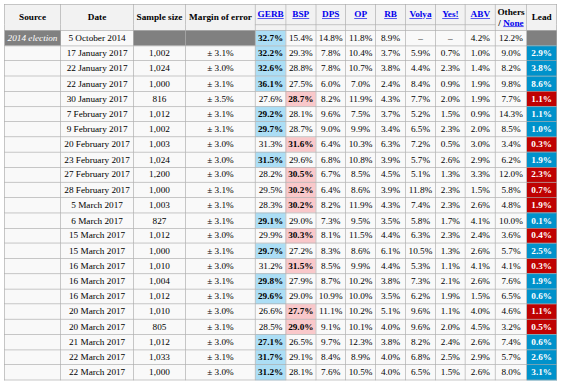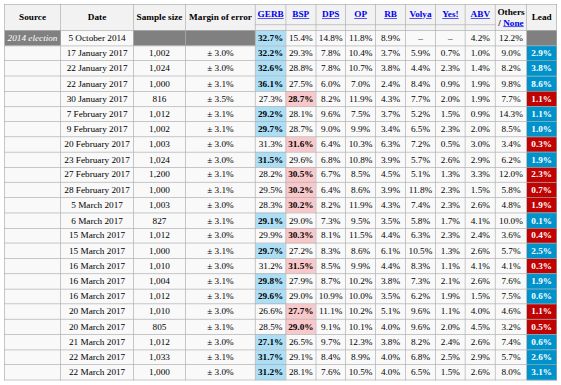 <table class="wikitable sortable" style="text-align:center; font-size:90%; min-width:60em">
 <tr>
 <th rowspan="2">Source</th>
 <th rowspan="2">Date</th>
 <th rowspan="2">Sample size</th>
 <th rowspan="2">Margin of error</th>
 <th style="width:40px"><a href='#'>GERB</a></th>
 <th style="width:40px"><a href='#'>BSP</a></th>
 <th style="width:40px"><a href='#'>DPS</a></th>
 <th style="width:40px"><a href='#'>OP</a></th>
 <th style="width:40px"><a href='#'>RB</a></th>
 <th style="width:40px"><a href='#'>Volya</a></th>
 <th style="width:40px"><a href='#'>Yes!</a></th>
 <th style="width:40px"><a href='#'>ABV</a></th>
 <th style="width:40px"; rowspan="2">Others / <a href='#'>None</a></th>
 <th style="width:40px"; rowspan="2">Lead</th>
 </tr>
 <tr>
 <th style="color:inherit;background:"></th>
 <th style="color:inherit;background:"></th>
 <th style="color:inherit;background:"></th>
 <th style="color:inherit;background:"></th>
 <th style="color:inherit;background:"></th>
 <th style="color:inherit;background:"></th>
 <th style="color:inherit;background:"></th>
 <th style="color:inherit;background:"></th>
 </tr>
 <tr>
 <td style="background: gray; color: white;"><em>2014 election</em></td>
 <td>5 October 2014</td>
 <td style="background: gray; color: white;"></td>
 <td style="background: gray; color: white;"></td>
 <td style="background: #ACDEF5"><strong>32.7%</strong></td>
 <td>15.4%</td>
 <td>14.8%</td>
 <td>11.8%</td>
 <td>8.9%</td>
 <td>–</td>
 <td>–</td>
 <td>4.2%</td>
 <td>12.2%</td>
 <td style="background: gray; color: white;"></td>
 </tr>
 <tr>
 <td></td>
 <td>17 January 2017</td>
 <td>1,002</td>
-<td>± 3.1%</td>
+<td>± 3.0%</td>
 <td style="background: #ACDEF5"><strong>32.2%</strong></td>
 <td>29.3%</td>
 <td>7.8%</td>
 <td>10.4%</td>
 <td>3.7%</td>
 <td>5.9%</td>
 <td>0.7%</td>
 <td>1.0%</td>
 <td>9.0%</td>
 <td style="background: #0092CB; color: white;"><strong>2.9%</strong></td>
 </tr>
 <tr>
 <td></td>
 <td>22 January 2017</td>
 <td>1,024</td>
 <td>± 3.0%</td>
 <td style="background: #ACDEF5;"><strong>32.6%</strong></td>
 <td>28.8%</td>
 <td>7.8%</td>
 <td>10.7%</td>
 <td>3.8%</td>
 <td>4.4%</td>
 <td>2.3%</td>
 <td>1.4%</td>
 <td>8.2%</td>
 <td style="background: #0092CB; color: white;"><strong>3.8%</strong></td>
 </tr>
 <tr>
 <td></td>
 <td>22 January 2017</td>
 <td>1,000</td>
 <td>± 3.1%</td>
 <td style="background: #ACDEF5;"><strong>36.1%</strong></td>
 <td>27.5%</td>
 <td>6.0%</td>
 <td>7.0%</td>
 <td>2.4%</td>
 <td>8.4%</td>
 <td>0.9%</td>
 <td>1.9%</td>
 <td>9.8%</td>
 <td style="background: #0092CB; color: white;"><strong>8.6%</strong></td>
 </tr>
 <tr>
 <td></td>
 <td>30 January 2017</td>
 <td>816</td>
 <td>± 3.5%</td>
-<td>27.6%</td>
+<td>27.3%</td>
 <td style="background: #F9C8CA"><strong>28.7%</strong></td>
 <td>8.2%</td>
 <td>11.9%</td>
 <td>4.3%</td>
 <td>7.7%</td>
 <td>2.0%</td>
 <td>1.9%</td>
 <td>7.7%</td>
 <td style="background: #BF0202; color: white;"><strong>1.1%</strong></td>
 </tr>
 <tr>
 <td></td>
 <td>7 February 2017</td>
 <td>1,012</td>
 <td>± 3.1%</td>
 <td style="background: #ACDEF5;"><strong>29.2%</strong></td>
 <td>28.1%</td>
 <td>9.6%</td>
 <td>7.5%</td>
 <td>3.7%</td>
 <td>5.2%</td>
 <td>1.5%</td>
 <td>0.9%</td>
 <td>14.3%</td>
 <td style="background: #0092CB; color: white;"><strong>1.1%</strong></td>
 </tr>
 <tr>
 <td></td>
 <td>9 February 2017</td>
 <td>1,002</td>
 <td>± 3.1%</td>
 <td style="background: #ACDEF5;"><strong>29.7%</strong></td>
 <td>28.7%</td>
 <td>9.0%</td>
 <td>9.9%</td>
 <td>3.4%</td>
 <td>6.5%</td>
 <td>2.3%</td>
 <td>2.0%</td>
 <td>8.5%</td>
 <td style="background: #0092CB; color: white;"><strong>1.0%</strong></td>
 </tr>
 <tr>
 <td></td>
 <td>20 February 2017</td>
 <td>1,003</td>
 <td>± 3.0%</td>
 <td>31.3%</td>
 <td style="background: #F9C8CA"><strong>31.6%</strong></td>
 <td>6.4%</td>
 <td>10.3%</td>
 <td>6.3%</td>
 <td>7.2%</td>
 <td>0.5%</td>
 <td>3.0%</td>
 <td>3.4%</td>
 <td style="background: #BF0202; color: white;"><strong>0.3%</strong></td>
 </tr>
 <tr>
 <td></td>
 <td>23 February 2017</td>
 <td>1,024</td>
 <td>± 3.0%</td>
 <td style="background: #ACDEF5;"><strong>31.5%</strong></td>
 <td>29.6%</td>
 <td>6.8%</td>
 <td>10.8%</td>
 <td>3.9%</td>
 <td>5.7%</td>
 <td>2.6%</td>
 <td>2.9%</td>
 <td>6.2%</td>
 <td style="background: #0092CB; color: white;"><strong>1.9%</strong></td>
 </tr>
 <tr>
 <td></td>
 <td>27 February 2017</td>
 <td>1,200</td>
-<td>± 3.0%</td>
+<td>± 3.1%</td>
 <td>28.2%</td>
 <td style="background: #F9C8CA"><strong>30.5%</strong></td>
 <td>6.7%</td>
 <td>8.5%</td>
 <td>4.5%</td>
 <td>5.1%</td>
 <td>1.3%</td>
 <td>3.3%</td>
 <td>12.0%</td>
 <td style="background: #BF0202; color: white;"><strong>2.3%</strong></td>
 </tr>
 <tr>
 <td></td>
 <td>28 February 2017</td>
 <td>1,000</td>
 <td>± 3.1%</td>
 <td>29.5%</td>
 <td style="background: #F9C8CA"><strong>30.2%</strong></td>
 <td>6.4%</td>
 <td>8.6%</td>
 <td>3.9%</td>
 <td>11.8%</td>
 <td>2.3%</td>
 <td>1.5%</td>
 <td>5.8%</td>
 <td style="background: #BF0202; color: white;"><strong>0.7%</strong></td>
 </tr>
 <tr>
 <td></td>
 <td>5 March 2017</td>
 <td>1,003</td>
-<td>± 3.1%</td>
+<td>± 3.0%</td>
 <td>28.3%</td>
 <td style="background: #F9C8CA"><strong>30.2%</strong></td>
 <td>8.2%</td>
 <td>11.9%</td>
 <td>4.3%</td>
 <td>7.4%</td>
 <td>2.3%</td>
 <td>2.6%</td>
 <td>4.8%</td>
 <td style="background: #BF0202; color: white;"><strong>1.9%</strong></td>
 </tr>
 <tr>
 <td></td>
 <td>6 March 2017</td>
 <td>827</td>
 <td>± 3.1%</td>
 <td style="background: #ACDEF5;"><strong>29.1%</strong></td>
 <td>29.0%</td>
 <td>7.3%</td>
 <td>9.5%</td>
 <td>3.5%</td>
 <td>5.8%</td>
 <td>1.7%</td>
 <td>4.1%</td>
 <td>10.0%</td>
 <td style="background: #0092CB; color: white;"><strong>0.1%</strong></td>
 </tr>
 <tr>
 <td></td>
 <td>15 March 2017</td>
 <td>1,012</td>
 <td>± 3.0%</td>
 <td>29.9%</td>
 <td style="background: #F9C8CA"><strong>30.3%</strong></td>
 <td>8.1%</td>
 <td>11.5%</td>
 <td>4.4%</td>
 <td>6.3%</td>
 <td>2.3%</td>
 <td>2.4%</td>
 <td>3.6%</td>
 <td style="background: #BF0202; color: white;"><strong>0.4%</strong></td>
 </tr>
 <tr>
 <td></td>
 <td>15 March 2017</td>
 <td>1,000</td>
 <td>± 3.1%</td>
 <td style="background: #ACDEF5;"><strong>29.7%</strong></td>
 <td>27.2%</td>
 <td>8.3%</td>
 <td>8.6%</td>
 <td>6.1%</td>
 <td>10.5%</td>
 <td>1.3%</td>
 <td>2.6%</td>
 <td>5.7%</td>
 <td style="background: #0092CB; color: white;"><strong>2.5%</strong></td>
 </tr>
 <tr>
 <td></td>
 <td>16 March 2017</td>
 <td>1,010</td>
 <td>± 3.0%</td>
 <td>31.2%</td>
 <td style="background: #F9C8CA"><strong>31.5%</strong></td>
 <td>8.5%</td>
 <td>9.9%</td>
 <td>4.4%</td>
-<td>5.3%</td>
+<td>8.3%</td>
 <td>1.1%</td>
 <td>4.1%</td>
 <td>4.1%</td>
 <td style="background: #BF0202; color: white;"><strong>0.3%</strong></td>
 </tr>
 <tr>
 <td></td>
 <td>16 March 2017</td>
 <td>1,004</td>
 <td>± 3.1%</td>
 <td style="background: #ACDEF5"><strong>29.8%</strong></td>
 <td>27.9%</td>
 <td>8.7%</td>
 <td>10.2%</td>
 <td>3.8%</td>
 <td>7.3%</td>
 <td>2.1%</td>
 <td>2.6%</td>
 <td>7.6%</td>
 <td style="background: #0092CB; color: white;"><strong>1.9%</strong></td>
 </tr>
 <tr>
 <td></td>
 <td>16 March 2017</td>
 <td>1,012</td>
 <td>± 3.1%</td>
 <td style="background: #ACDEF5;"><strong>29.6%</strong></td>
 <td>29.0%</td>
 <td>10.9%</td>
 <td>10.0%</td>
 <td>3.5%</td>
 <td>6.2%</td>
 <td>1.9%</td>
 <td>1.5%</td>
-<td>6.5%</td>
+<td>7.5%</td>
 <td style="background: #0092CB; color: white;"><strong>0.6%</strong></td>
 </tr>
 <tr>
 <td></td>
 <td>20 March 2017</td>
 <td>1,010</td>
 <td>± 3.0%</td>
 <td>26.6%</td>
 <td style="background: #F9C8CA"><strong>27.7%</strong></td>
 <td>11.1%</td>
 <td>10.2%</td>
 <td>5.1%</td>
 <td>9.6%</td>
 <td>1.1%</td>
 <td>4.0%</td>
 <td>4.6%</td>
 <td style="background: #BF0202; color: white;"><strong>1.1%</strong></td>
 </tr>
 <tr>
 <td></td>
 <td>20 March 2017</td>
 <td>805</td>
 <td>± 3.1%</td>
 <td>28.5%</td>
 <td style="background: #F9C8CA"><strong>29.0%</strong></td>
 <td>9.1%</td>
 <td>10.1%</td>
 <td>4.0%</td>
 <td>9.6%</td>
 <td>2.0%</td>
 <td>4.5%</td>
 <td>3.2%</td>
 <td style="background: #BF0202; color: white;"><strong>0.5%</strong></td>
 </tr>
 <tr>
 <td></td>
 <td>21 March 2017</td>
 <td>1,012</td>
 <td>± 3.0%</td>
 <td style="background: #ACDEF5;"><strong>27.1%</strong></td>
 <td>26.5%</td>
 <td>9.7%</td>
 <td>12.3%</td>
 <td>3.8%</td>
 <td>8.2%</td>
 <td>2.4%</td>
 <td>2.6%</td>
 <td>7.4%</td>
 <td style="background: #0092CB; color: white;"><strong>0.6%</strong></td>
 </tr>
 <tr>
 <td></td>
 <td>22 March 2017</td>
 <td>1,033</td>
 <td>± 3.1%</td>
 <td style="background: #ACDEF5;"><strong>31.7%</strong></td>
 <td>29.1%</td>
 <td>8.4%</td>
 <td>8.9%</td>
 <td>4.0%</td>
 <td>6.8%</td>
 <td>2.5%</td>
 <td>2.9%</td>
 <td>5.7%</td>
 <td style="background: #0092CB; color: white;"><strong>2.6%</strong></td>
 </tr>
 <tr>
 <td></td>
 <td>22 March 2017</td>
 <td>1,000</td>
 <td>± 3.0%</td>
 <td style="background: #ACDEF5;"><strong>31.2%</strong></td>
 <td>28.1%</td>
 <td>7.6%</td>
 <td>10.5%</td>
 <td>4.0%</td>
 <td>6.5%</td>
 <td>1.5%</td>
 <td>2.6%</td>
 <td>8.0%</td>
 <td style="background: #0092CB; color: white;"><strong>3.1%</strong></td>
 </tr>
 </table>
